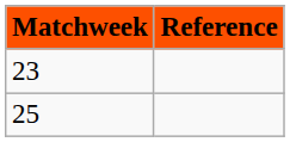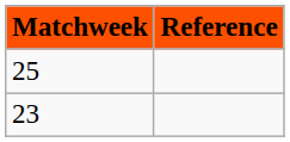 <table class=wikitable>
 <tr>
 <th style="background:#FD5000; color:#000000;">Matchweek</th>
 <th style="background:#FD5000; color:#000000;">Reference</th>
 </tr>
 <tr>
+<td>25</td>
+<td></td>
+</tr>
+<tr>
 <td>23</td>
 <td></td>
 </tr>
-<tr>
-<td>25</td>
-<td></td>
-</tr>
 </table>
